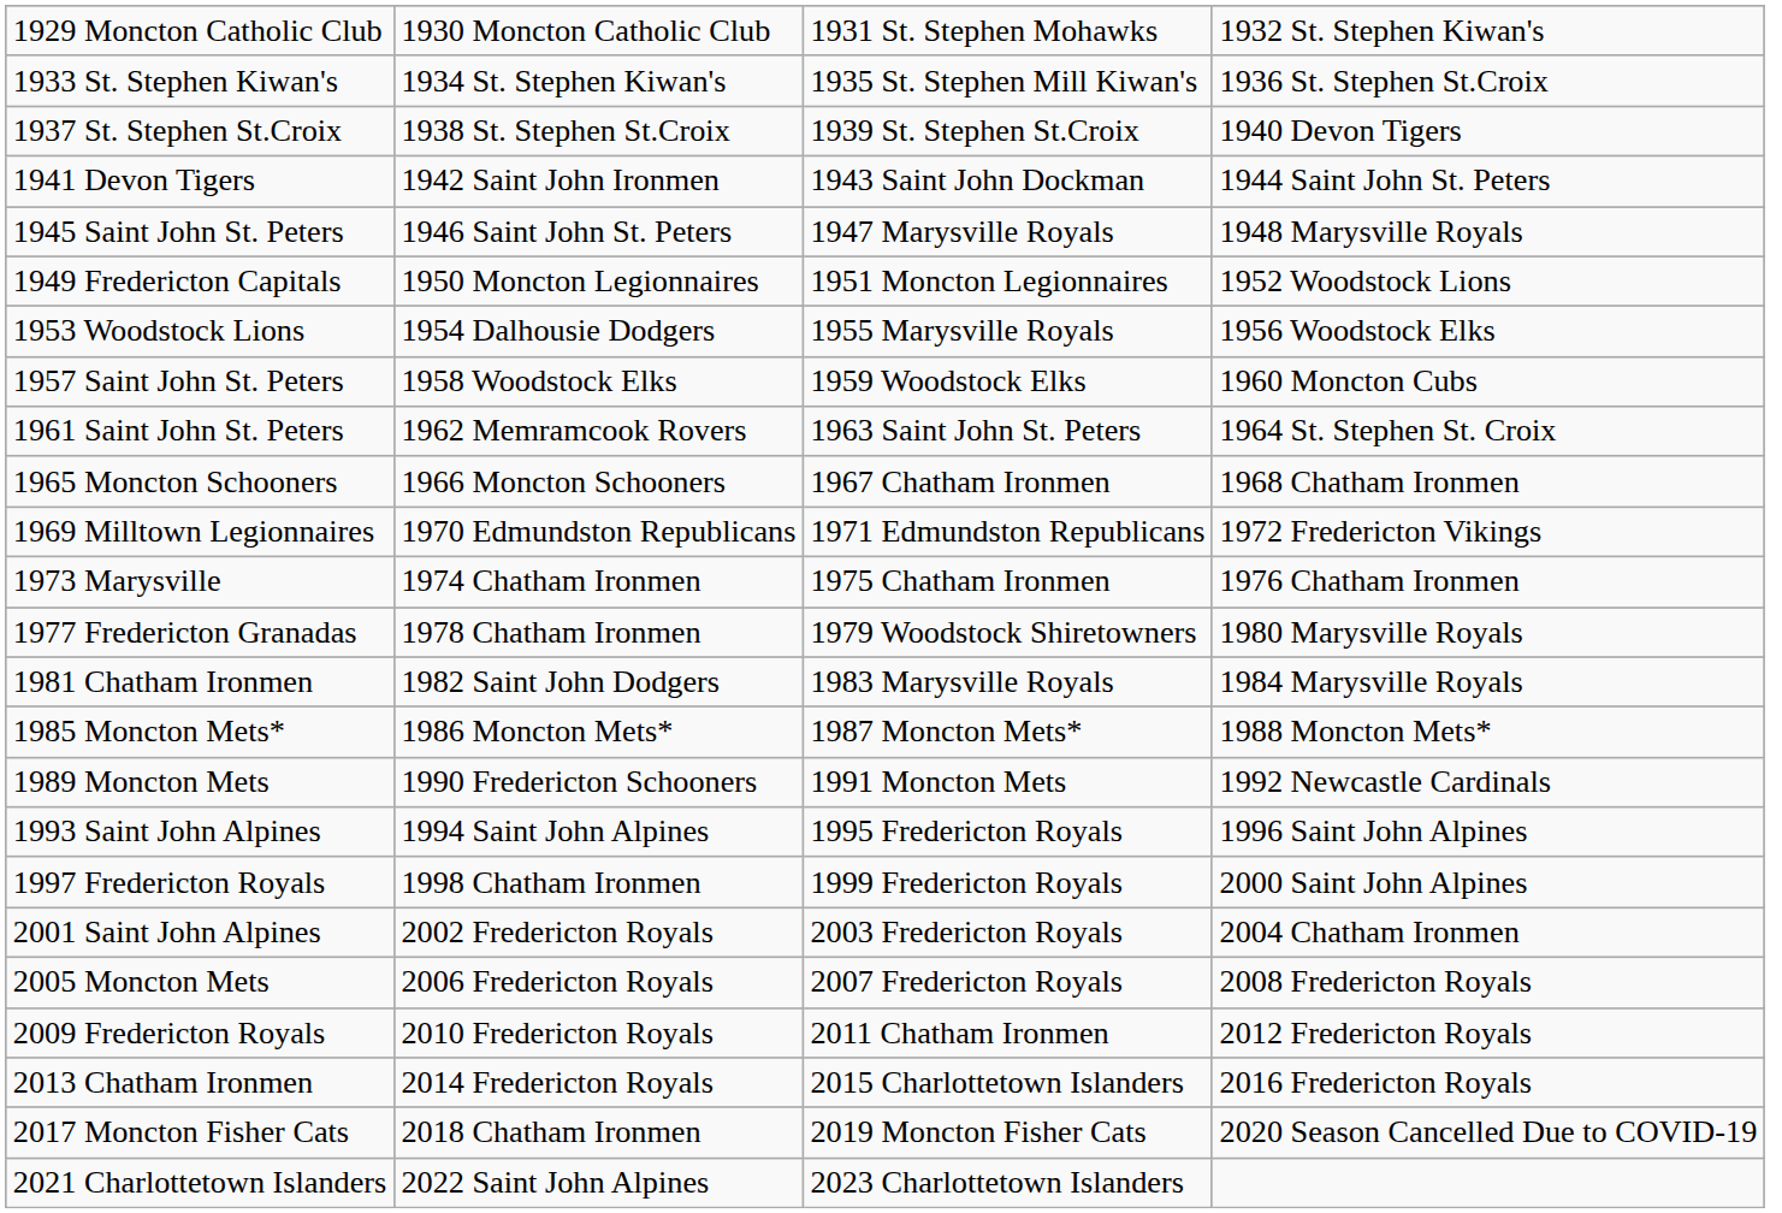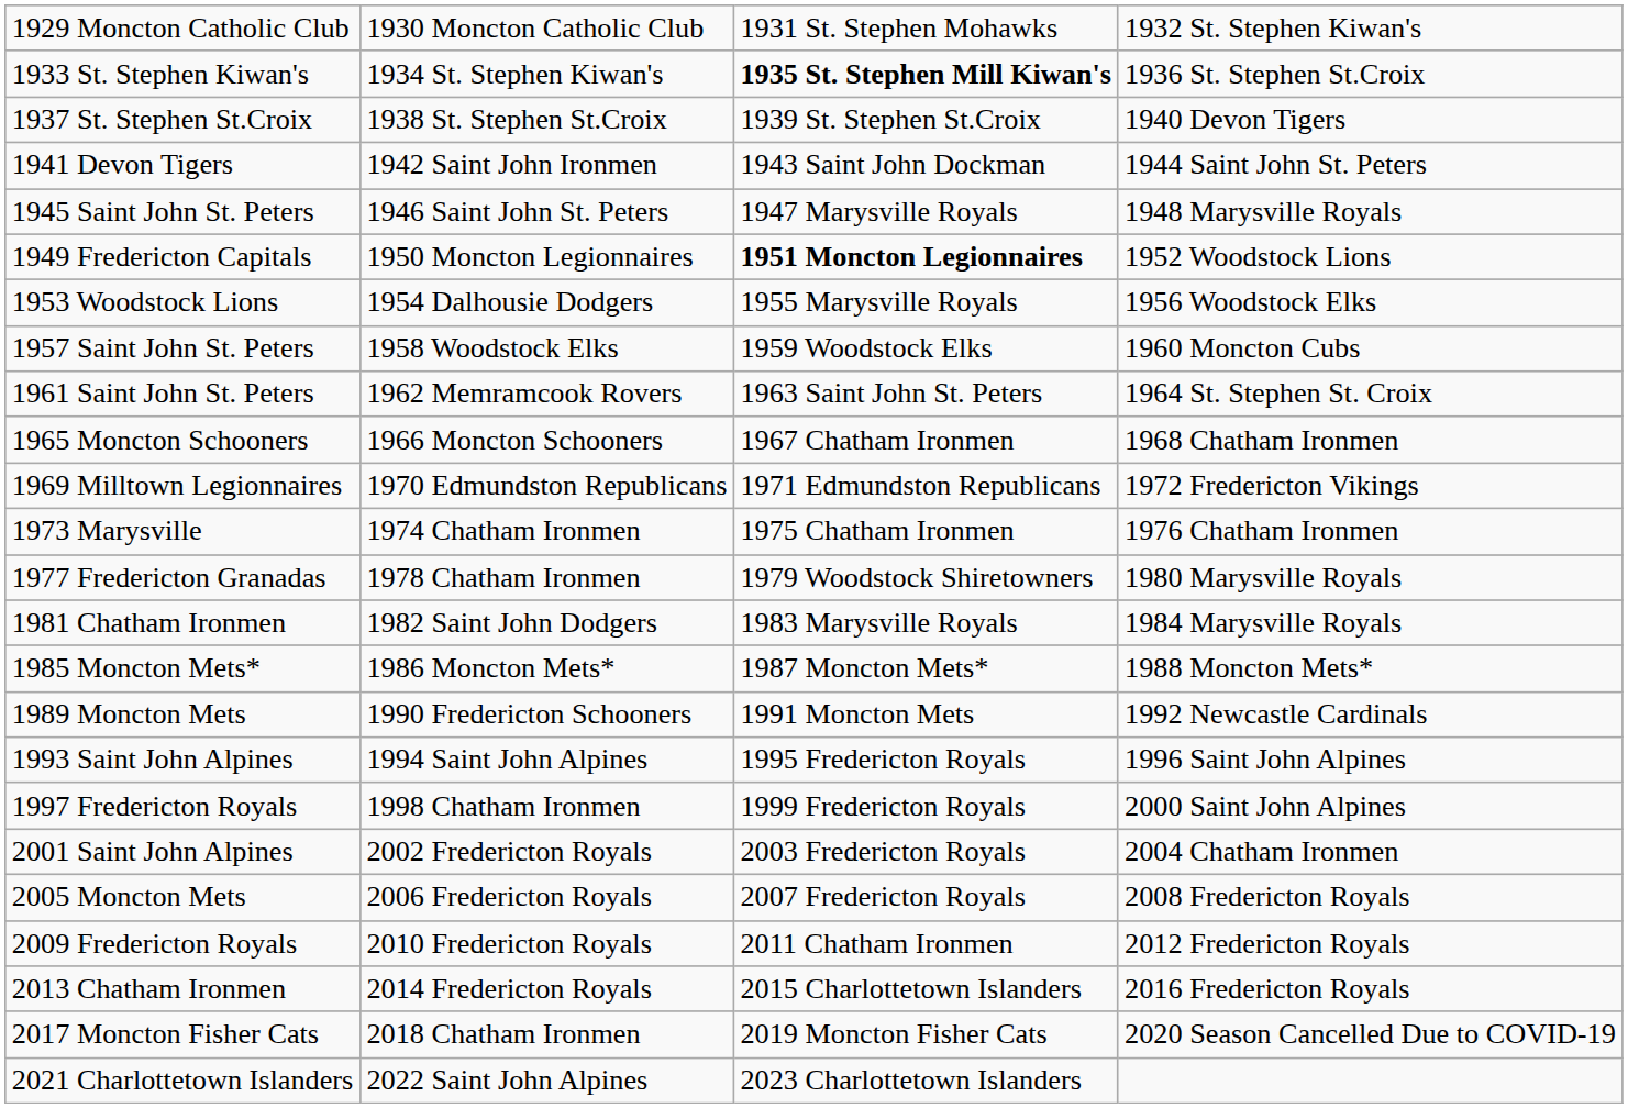 <table class="wikitable">
 <tr>
 <td>1929 Moncton Catholic Club</td>
 <td>1930 Moncton Catholic Club</td>
 <td>1931 St. Stephen Mohawks</td>
 <td>1932 St. Stephen Kiwan's</td>
 </tr>
 <tr>
 <td>1933 St. Stephen Kiwan's</td>
 <td>1934 St. Stephen Kiwan's</td>
-<td>1935 St. Stephen Mill Kiwan's</td>
+<td><strong>1935 St. Stephen Mill Kiwan's</strong></td>
 <td>1936 St. Stephen St.Croix</td>
 </tr>
 <tr>
 <td>1937 St. Stephen St.Croix</td>
 <td>1938 St. Stephen St.Croix</td>
 <td>1939 St. Stephen St.Croix</td>
 <td>1940 Devon Tigers</td>
 </tr>
 <tr>
 <td>1941 Devon Tigers</td>
 <td>1942 Saint John Ironmen</td>
 <td>1943 Saint John Dockman</td>
 <td>1944 Saint John St. Peters</td>
 </tr>
 <tr>
 <td>1945 Saint John St. Peters</td>
 <td>1946 Saint John St. Peters</td>
 <td>1947 Marysville Royals</td>
 <td>1948 Marysville Royals</td>
 </tr>
 <tr>
 <td>1949 Fredericton Capitals</td>
 <td>1950 Moncton Legionnaires</td>
-<td>1951 Moncton Legionnaires</td>
+<td><strong>1951 Moncton Legionnaires</strong></td>
 <td>1952 Woodstock Lions</td>
 </tr>
 <tr>
 <td>1953 Woodstock Lions</td>
 <td>1954 Dalhousie Dodgers</td>
 <td>1955 Marysville Royals</td>
 <td>1956 Woodstock Elks</td>
 </tr>
 <tr>
 <td>1957 Saint John St. Peters</td>
 <td>1958 Woodstock Elks</td>
 <td>1959 Woodstock Elks</td>
 <td>1960 Moncton Cubs</td>
 </tr>
 <tr>
 <td>1961 Saint John St. Peters</td>
 <td>1962 Memramcook Rovers</td>
 <td>1963 Saint John St. Peters</td>
 <td>1964 St. Stephen St. Croix</td>
 </tr>
 <tr>
 <td>1965 Moncton Schooners</td>
 <td>1966 Moncton Schooners</td>
 <td>1967 Chatham Ironmen</td>
 <td>1968 Chatham Ironmen</td>
 </tr>
 <tr>
 <td>1969 Milltown Legionnaires</td>
 <td>1970 Edmundston Republicans</td>
 <td>1971 Edmundston Republicans</td>
 <td>1972 Fredericton Vikings</td>
 </tr>
 <tr>
 <td>1973 Marysville</td>
 <td>1974 Chatham Ironmen</td>
 <td>1975 Chatham Ironmen</td>
 <td>1976 Chatham Ironmen</td>
 </tr>
 <tr>
 <td>1977 Fredericton Granadas</td>
 <td>1978 Chatham Ironmen</td>
 <td>1979 Woodstock Shiretowners</td>
 <td>1980 Marysville Royals</td>
 </tr>
 <tr>
 <td>1981 Chatham Ironmen</td>
 <td>1982 Saint John Dodgers</td>
 <td>1983 Marysville Royals</td>
 <td>1984 Marysville Royals</td>
 </tr>
 <tr>
 <td>1985 Moncton Mets*</td>
 <td>1986 Moncton Mets*</td>
 <td>1987 Moncton Mets*</td>
 <td>1988 Moncton Mets*</td>
 </tr>
 <tr>
 <td>1989 Moncton Mets</td>
 <td>1990 Fredericton Schooners</td>
 <td>1991 Moncton Mets</td>
 <td>1992 Newcastle Cardinals</td>
 </tr>
 <tr>
 <td>1993 Saint John Alpines</td>
 <td>1994 Saint John Alpines</td>
 <td>1995 Fredericton Royals</td>
 <td>1996 Saint John Alpines</td>
 </tr>
 <tr>
 <td>1997 Fredericton Royals</td>
 <td>1998 Chatham Ironmen</td>
 <td>1999 Fredericton Royals</td>
 <td>2000 Saint John Alpines</td>
 </tr>
 <tr>
 <td>2001 Saint John Alpines</td>
 <td>2002 Fredericton Royals</td>
 <td>2003 Fredericton Royals</td>
 <td>2004 Chatham Ironmen</td>
 </tr>
 <tr>
 <td>2005 Moncton Mets</td>
 <td>2006 Fredericton Royals</td>
 <td>2007 Fredericton Royals</td>
 <td>2008 Fredericton Royals</td>
 </tr>
 <tr>
 <td>2009 Fredericton Royals</td>
 <td>2010 Fredericton Royals</td>
 <td>2011 Chatham Ironmen</td>
 <td>2012 Fredericton Royals</td>
 </tr>
 <tr>
 <td>2013 Chatham Ironmen</td>
 <td>2014 Fredericton Royals</td>
 <td>2015 Charlottetown Islanders</td>
 <td>2016 Fredericton Royals</td>
 </tr>
 <tr>
 <td>2017 Moncton Fisher Cats</td>
 <td>2018 Chatham Ironmen</td>
 <td>2019 Moncton Fisher Cats</td>
 <td>2020 Season Cancelled Due to COVID-19</td>
 </tr>
 <tr>
 <td>2021 Charlottetown Islanders</td>
 <td>2022 Saint John Alpines</td>
 <td>2023 Charlottetown Islanders</td>
 </tr>
 </table>
